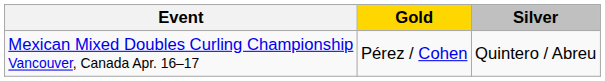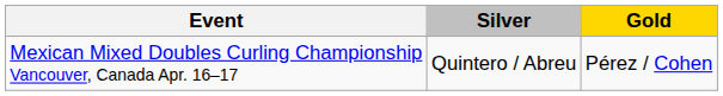 <table class="wikitable">
 <tr>
 <th>Event</th>
+<th style="background:silver">Silver</th>
 <th style="background:gold">Gold</th>
-<th style="background:silver">Silver</th>
 </tr>
 <tr>
 <td><a href='#'>Mexican Mixed Doubles Curling Championship</a><br> <small><a href='#'>Vancouver</a>, Canada Apr. 16–17</small></td>
+<td>Quintero / Abreu</td>
 <td>Pérez / <a href='#'>Cohen</a></td>
-<td>Quintero / Abreu</td>
 </tr>
 </table>
